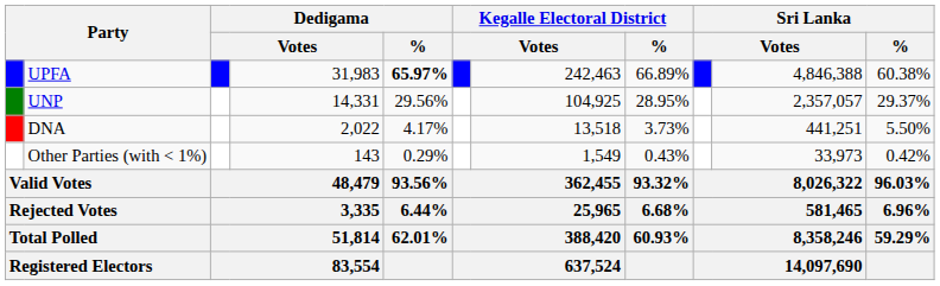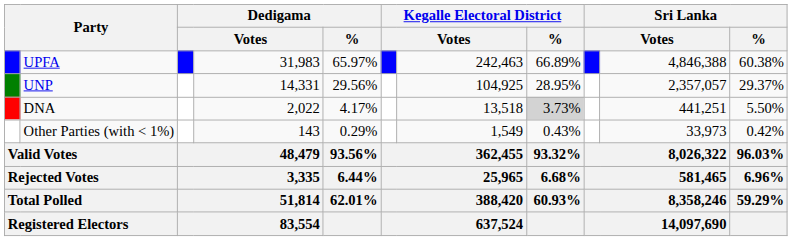 <table class="wikitable">
 <tr>
 <th colspan="2" width="144px"rowspan="2">Party</th>
 <th colspan="3" width="216px">Dedigama</th>
 <th colspan="3" width="216px"><a href='#'>Kegalle Electoral District</a></th>
 <th colspan="3" width="216px">Sri Lanka</th>
 </tr>
 <tr>
 <th colspan="2" width="144px">Votes</th>
 <th>%</th>
 <th colspan="2" width="144px">Votes</th>
 <th>%</th>
 <th colspan="2" width="144px">Votes</th>
 <th>%</th>
 </tr>
 <tr>
 <td style="background-color:blue;" width="10px"></td>
 <td style="text-align:left;"><a href='#'>UPFA</a></td>
 <td style="background-color:blue;" width="10px"></td>
 <td style="text-align:right;">31,983</td>
-<td style="text-align:right;"><strong>65.97%</strong></td>
+<td style="text-align:right;">65.97%</td>
 <td style="background-color:blue;" width="10px"></td>
 <td style="text-align:right;">242,463</td>
 <td style="text-align:right;">66.89%</td>
 <td style="background-color:blue;" width="10px"></td>
 <td style="text-align:right;">4,846,388</td>
 <td style="text-align:right;">60.38%</td>
 </tr>
 <tr>
 <td style="background-color:green;" width="10px"></td>
 <td style="text-align:left;"><a href='#'>UNP</a></td>
 <td style="background-color:white;" width="10px"></td>
 <td style="text-align:right;">14,331</td>
 <td style="text-align:right;">29.56%</td>
 <td style="background-color:white;" width="10px"></td>
 <td style="text-align:right;">104,925</td>
 <td style="text-align:right;">28.95%</td>
 <td style="background-color:white;" width="10px"></td>
 <td style="text-align:right;">2,357,057</td>
 <td style="text-align:right;">29.37%</td>
 </tr>
 <tr>
 <td style="background-color:red;" width="10px"></td>
 <td style="text-align:left;">DNA</td>
 <td style="background-color:white;" width="10px"></td>
 <td style="text-align:right;">2,022</td>
 <td style="text-align:right;">4.17%</td>
 <td style="background-color:white;" width="10px"></td>
 <td style="text-align:right;">13,518</td>
-<td style="text-align:right;">3.73%</td>
+<td style="background: lightgrey; text-align:right;">3.73%</td>
 <td style="background-color:white;" width="10px"></td>
 <td style="text-align:right;">441,251</td>
 <td style="text-align:right;">5.50%</td>
 </tr>
 <tr>
 <td style="background-color:white;" width="10px"></td>
 <td style="text-align:left;">Other Parties (with < 1%)</td>
 <td style="background-color:white;" width="10px"></td>
 <td style="text-align:right;">143</td>
 <td style="text-align:right;">0.29%</td>
 <td style="background-color:white;" width="10px"></td>
 <td style="text-align:right;">1,549</td>
 <td style="text-align:right;">0.43%</td>
 <td style="background-color:white;" width="10px"></td>
 <td style="text-align:right;">33,973</td>
 <td style="text-align:right;">0.42%</td>
 </tr>
 <tr>
 <th colspan="2" width="144px"style="text-align:left;">Valid Votes</th>
 <th style="text-align:right;"colspan="2" width="144px">48,479</th>
 <th style="text-align:right;">93.56%</th>
 <th style="text-align:right;"colspan="2" width="144px">362,455</th>
 <th style="text-align:right;">93.32%</th>
 <th style="text-align:right;"colspan="2" width="144px">8,026,322</th>
 <th style="text-align:right;">96.03%</th>
 </tr>
 <tr>
 <th colspan="2" width="144px"style="text-align:left;">Rejected Votes</th>
 <th style="text-align:right;"colspan="2" width="144px">3,335</th>
 <th style="text-align:right;">6.44%</th>
 <th style="text-align:right;"colspan="2" width="144px">25,965</th>
 <th style="text-align:right;">6.68%</th>
 <th style="text-align:right;"colspan="2" width="144px">581,465</th>
 <th style="text-align:right;">6.96%</th>
 </tr>
 <tr>
 <th colspan="2" width="144px"style="text-align:left;">Total Polled</th>
 <th style="text-align:right;"colspan="2" width="144px">51,814</th>
 <th style="text-align:right;">62.01%</th>
 <th style="text-align:right;"colspan="2" width="144px">388,420</th>
 <th style="text-align:right;">60.93%</th>
 <th style="text-align:right;"colspan="2" width="144px">8,358,246</th>
 <th style="text-align:right;">59.29%</th>
 </tr>
 <tr>
 <th colspan="2" width="144px"style="text-align:left;">Registered Electors</th>
 <th style="text-align:right;"colspan="2" width="144px">83,554</th>
 <th></th>
 <th style="text-align:right;"colspan="2" width="144px">637,524</th>
 <th></th>
 <th style="text-align:right;"colspan="2" width="144px">14,097,690</th>
 <th></th>
 </tr>
 </table>
